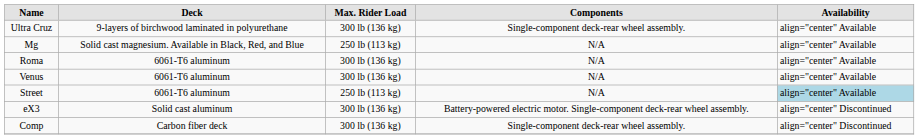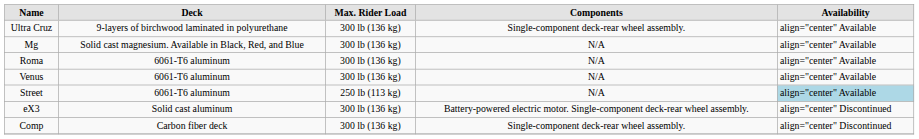 <table class="wikitable" style="font-size:85%; text-align:left; width:100%;">
 <tr>
 <th style="border-style: none none solid solid; background: #e3e3e3">Name</th>
 <th style="border-style: none none solid solid; background: #e3e3e3">Deck</th>
 <th style="border-style: none none solid solid; background: #e3e3e3"><strong>Max. Rider Load</strong></th>
 <th style="border-style: none none solid solid; background: #e3e3e3"><strong>Components</strong></th>
 <th style="border-style: none none solid solid; background: #e3e3e3"><strong>Availability</strong></th>
 </tr>
 <tr>
 <td style="text-align:center;">Ultra Cruz</td>
 <td style="text-align:center;">9-layers of birchwood laminated in polyurethane</td>
 <td style="text-align:center;">300 lb (136 kg)</td>
 <td style="text-align:center;">Single-component deck-rear wheel assembly.</td>
 <td>align="center"   Available</td>
 </tr>
 <tr>
 <td style="text-align:center;">Mg</td>
 <td style="text-align:center;">Solid cast magnesium. Available in Black, Red, and Blue</td>
-<td style="text-align:center;">250 lb (113 kg)</td>
+<td style="text-align:center;">300 lb (136 kg)</td>
 <td style="text-align:center;">N/A</td>
 <td>align="center"   Available</td>
 </tr>
 <tr>
 <td style="text-align:center;">Roma</td>
 <td style="text-align:center;">6061-T6 aluminum</td>
 <td style="text-align:center;">300 lb (136 kg)</td>
 <td style="text-align:center;">N/A</td>
 <td>align="center"   Available</td>
 </tr>
 <tr>
 <td style="text-align:center;">Venus</td>
 <td style="text-align:center;">6061-T6 aluminum</td>
 <td style="text-align:center;">300 lb (136 kg)</td>
 <td style="text-align:center;">N/A</td>
 <td>align="center"   Available</td>
 </tr>
 <tr>
 <td style="text-align:center;">Street</td>
 <td style="text-align:center;">6061-T6 aluminum</td>
 <td style="text-align:center;">250 lb (113 kg)</td>
 <td style="text-align:center;">N/A</td>
 <td style="background: lightblue;">align="center"   Available</td>
 </tr>
 <tr>
 <td style="text-align:center;">eX3</td>
 <td style="text-align:center;">Solid cast aluminum</td>
 <td style="text-align:center;">300 lb (136 kg)</td>
 <td style="text-align:center;">Battery-powered electric motor. Single-component deck-rear wheel assembly.</td>
 <td>align="center"   Discontinued</td>
 </tr>
 <tr>
 <td style="text-align:center;">Comp</td>
 <td style="text-align:center;">Carbon fiber deck</td>
 <td style="text-align:center;">300 lb (136 kg)</td>
 <td style="text-align:center;">Single-component deck-rear wheel assembly.</td>
 <td>align="center"   Discontinued</td>
 </tr>
 <tr>
 </tr>
 </table>
